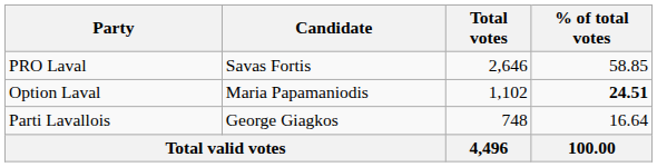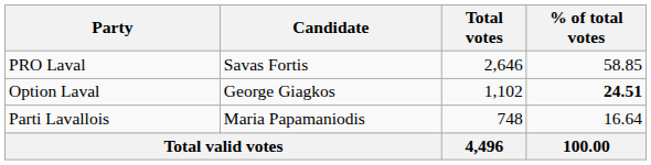 <table style="width:600px;" class="wikitable">
 <tr style="background-color:#E9E9E9">
 <th colspan="2" style="width: 200px">Party</th>
 <th colspan="1" style="width: 200px">Candidate</th>
 <th align="right">Total votes</th>
 <th align="right">% of total votes</th>
 </tr>
 <tr>
 <td colspan="2" align="left">PRO Laval</td>
 <td align="left">Savas Fortis</td>
 <td align="right">2,646</td>
 <td align="right">58.85</td>
 </tr>
 <tr>
 <td colspan="2" align="left">Option Laval</td>
-<td align="left">Maria Papamaniodis</td>
+<td align="left">George Giagkos</td>
 <td align="right">1,102</td>
 <td align="right"><strong>24.51</strong></td>
 </tr>
 <tr>
 <td colspan="2" align="left">Parti Lavallois</td>
-<td align="left">George Giagkos</td>
+<td align="left">Maria Papamaniodis</td>
 <td align="right">748</td>
 <td align="right">16.64</td>
 </tr>
 <tr bgcolor="#EEEEEE">
 <th colspan="3"  align="left">Total valid votes</th>
 <th align="right">4,496</th>
 <th align="right">100.00</th>
 </tr>
 </table>
